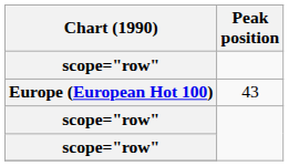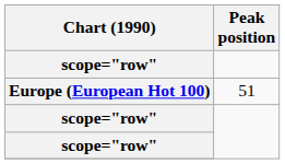 <table class="wikitable sortable plainrowheaders">
 <tr>
 <th>Chart (1990)</th>
 <th>Peak<br>position</th>
 </tr>
 <tr>
 <th>scope="row"</th>
 </tr>
 <tr>
 <th scope="row">Europe (<a href='#'>European Hot 100</a>)</th>
-<td align="center">43</td>
+<td align="center">51</td>
 </tr>
 <tr>
 <th>scope="row"</th>
 </tr>
 <tr>
 <th>scope="row"</th>
 </tr>
 <tr>
 </tr>
 </table>
